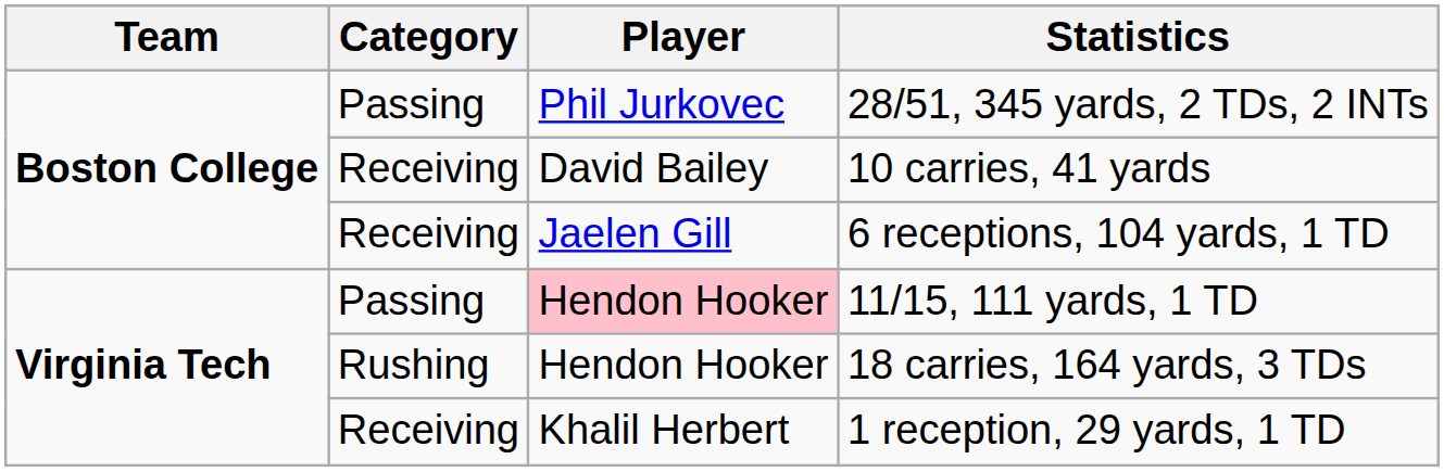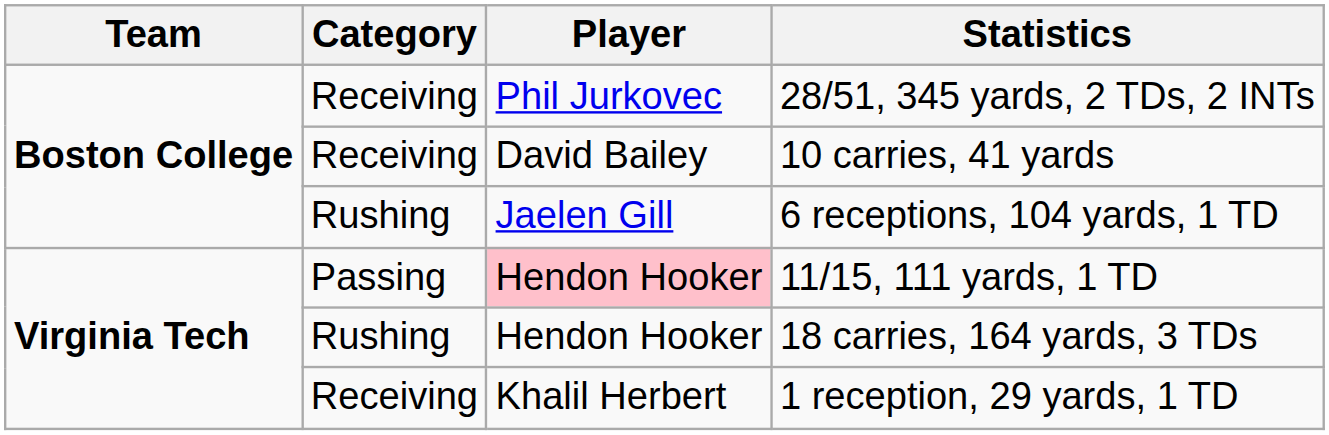 <table class="wikitable" style="float: left;">
 <tr>
 <th>Team</th>
 <th>Category</th>
 <th>Player</th>
 <th>Statistics</th>
 </tr>
 <tr>
 <td rowspan=3><strong>Boston College</strong></td>
-<td>Passing</td>
+<td>Receiving</td>
 <td><a href='#'>Phil Jurkovec</a></td>
 <td>28/51, 345 yards, 2 TDs, 2 INTs</td>
 </tr>
 <tr>
 <td>Receiving</td>
 <td>David Bailey</td>
 <td>10 carries, 41 yards</td>
 </tr>
 <tr>
-<td>Receiving</td>
+<td>Rushing</td>
 <td><a href='#'>Jaelen Gill</a></td>
 <td>6 receptions, 104 yards, 1 TD</td>
 </tr>
 <tr>
 <td rowspan=3><strong>Virginia Tech</strong></td>
 <td>Passing</td>
 <td style="background: pink;">Hendon Hooker</td>
 <td>11/15, 111 yards, 1 TD</td>
 </tr>
 <tr>
 <td>Rushing</td>
 <td>Hendon Hooker</td>
 <td>18 carries, 164 yards, 3 TDs</td>
 </tr>
 <tr>
 <td>Receiving</td>
 <td>Khalil Herbert</td>
 <td>1 reception, 29 yards, 1 TD</td>
 </tr>
 </table>
